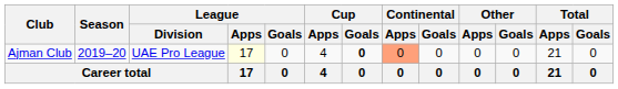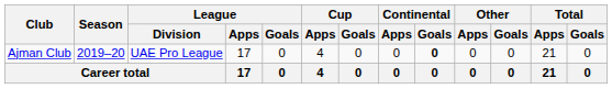 <table class="wikitable" style="text-align: center">
 <tr>
 <th rowspan="2">Club</th>
 <th rowspan="2">Season</th>
 <th colspan="3">League</th>
 <th colspan="2">Cup</th>
 <th colspan="2">Continental</th>
 <th colspan="2">Other</th>
 <th colspan="2">Total</th>
 </tr>
 <tr>
 <th>Division</th>
 <th>Apps</th>
 <th>Goals</th>
 <th>Apps</th>
 <th>Goals</th>
 <th>Apps</th>
 <th>Goals</th>
 <th>Apps</th>
 <th>Goals</th>
 <th>Apps</th>
 <th>Goals</th>
 </tr>
 <tr>
 <td><a href='#'>Ajman Club</a></td>
 <td><a href='#'>2019–20</a></td>
 <td><a href='#'>UAE Pro League</a></td>
-<td style="background: lightyellow;">17</td>
+<td>17</td>
 <td>0</td>
 <td>4</td>
+<td>0</td>
+<td>0</td>
 <td><strong>0</strong></td>
-<td style="background: lightsalmon;">0</td>
-<td>0</td>
 <td>0</td>
 <td>0</td>
 <td>21</td>
 <td>0</td>
 </tr>
 <tr>
 <th colspan="3"><strong>Career total</strong></th>
 <th>17</th>
 <th>0</th>
 <th>4</th>
 <th>0</th>
 <th>0</th>
 <th>0</th>
 <th>0</th>
 <th>0</th>
 <th>21</th>
 <th>0</th>
 </tr>
 </table>
